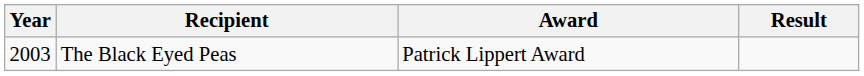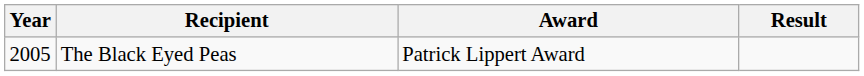 <table style="width: 75%;" class="wikitable">
 <tr>
 <th style="width:6%;"><strong>Year</strong></th>
 <th style="width:40%;"><strong>Recipient</strong></th>
 <th style="width:40%;"><strong>Award</strong></th>
 <th style="width:14%;"><strong>Result</strong></th>
 </tr>
 <tr>
-<td>2003</td>
+<td>2005</td>
 <td>The Black Eyed Peas</td>
 <td>Patrick Lippert Award</td>
 <td></td>
 </tr>
 </table>
